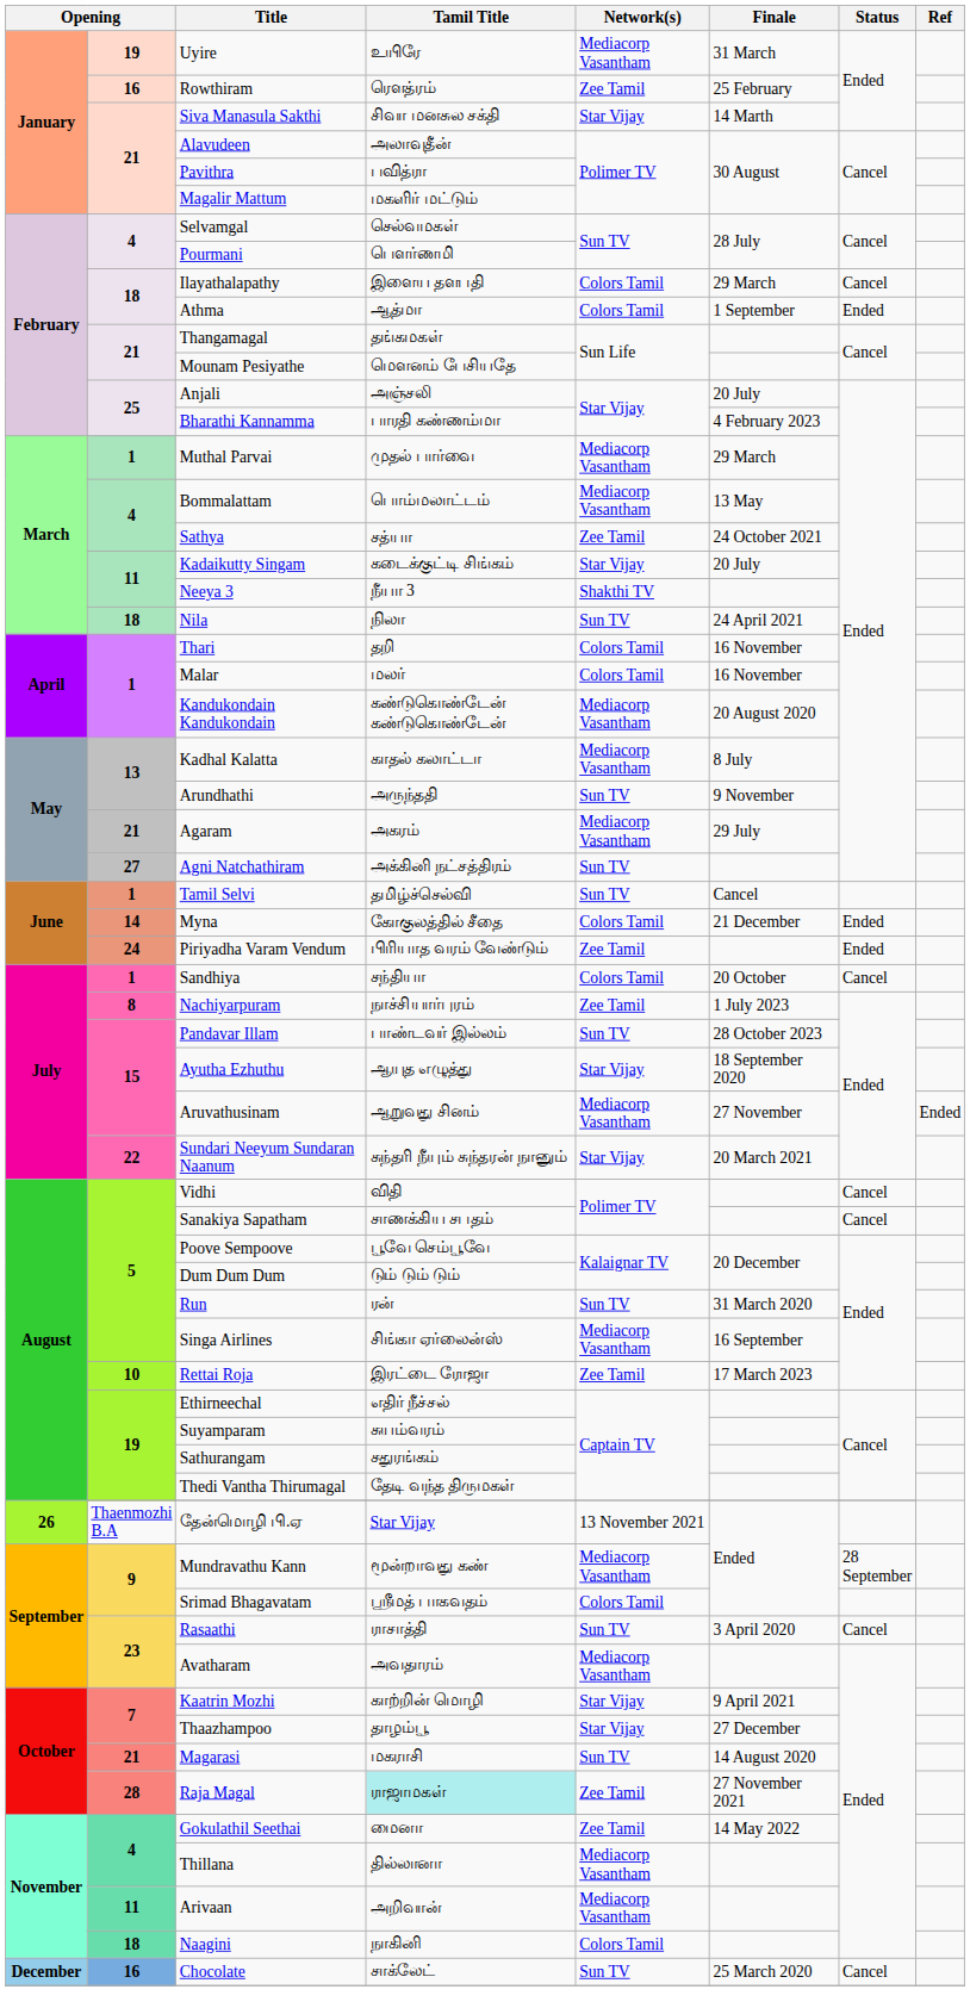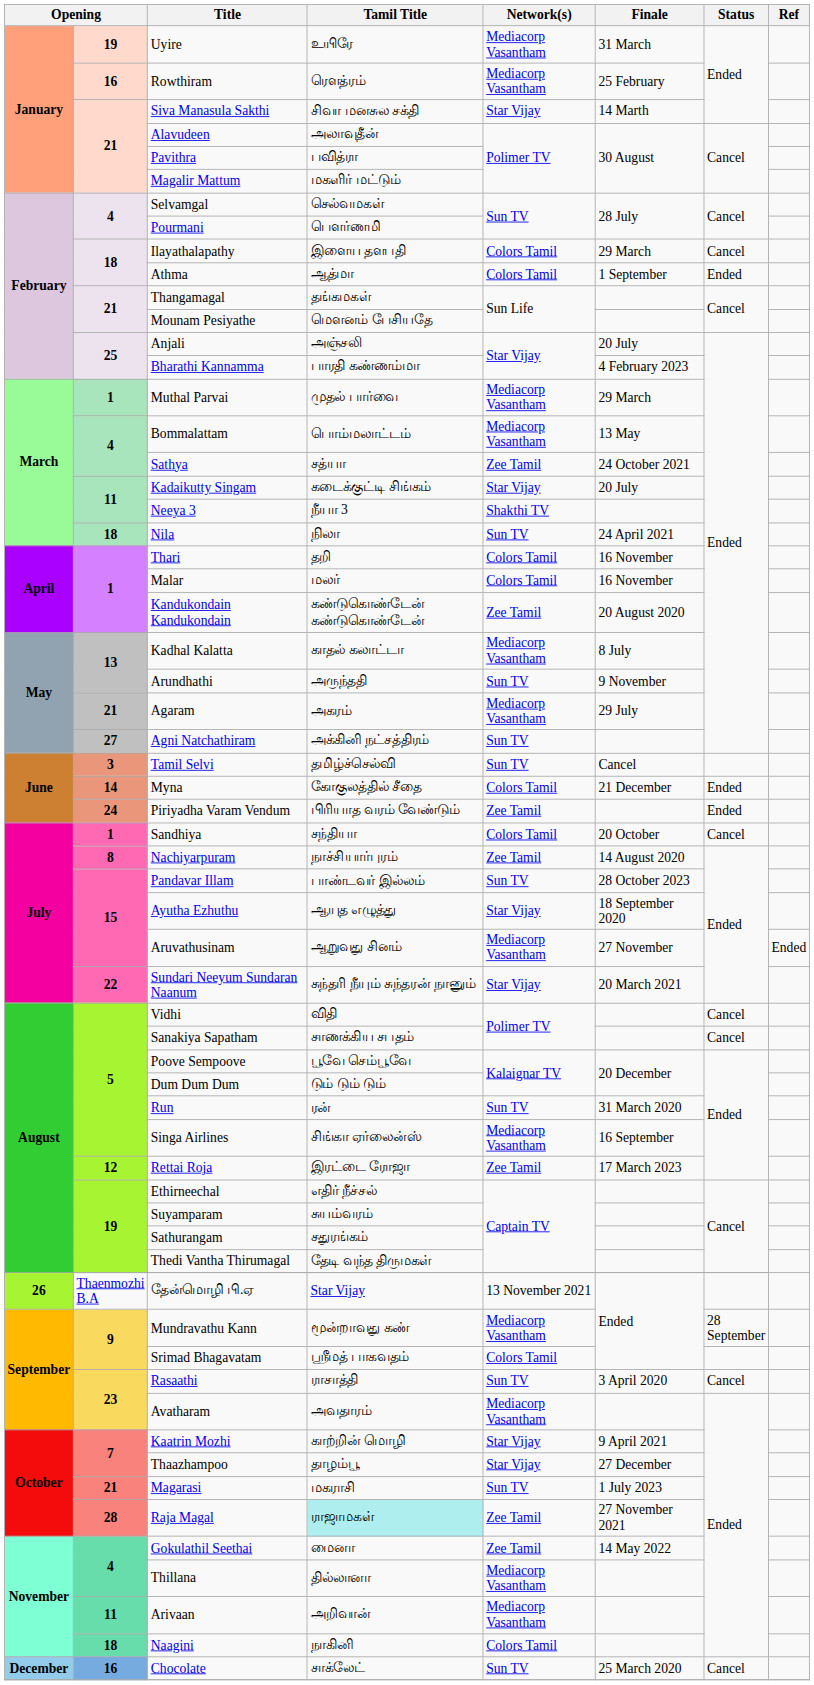 <table class="wikitable" width="75%">
 <tr>
 <th colspan="2">Opening</th>
 <th style="width:30%;">Title</th>
 <th style="width:30%;">Tamil Title</th>
 <th style="width:20%;">Network(s)</th>
 <th style="width:20%;">Finale</th>
 <th style="width:20%;">Status</th>
 <th>Ref</th>
 </tr>
 <tr>
 <td rowspan="6" style="text-align:center;background:#ffa07a;textcolor:#000;"><strong>January</strong></td>
 <td rowspan="1" style="text-align:center; background:#ffdacc;"><strong>19</strong></td>
 <td>Uyire</td>
 <td>உயிரே</td>
 <td><a href='#'>Mediacorp Vasantham</a></td>
 <td>31 March</td>
 <td rowspan="3">Ended</td>
 <td></td>
 </tr>
 <tr>
 <td rowspan="1" style="text-align:center; background:#ffdacc;"><strong>16</strong></td>
 <td>Rowthiram</td>
 <td>ரௌத்ரம்</td>
-<td><a href='#'>Zee Tamil</a></td>
+<td><a href='#'>Mediacorp Vasantham</a></td>
 <td>25 February</td>
 <td></td>
 </tr>
 <tr>
 <td rowspan="4" style="text-align:center; background:#ffdacc;"><strong>21</strong></td>
 <td><a href='#'>Siva Manasula Sakthi</a></td>
 <td>சிவா மனசுல சக்தி</td>
 <td><a href='#'>Star Vijay</a></td>
 <td>14 Marth</td>
 <td></td>
 </tr>
 <tr>
 <td><a href='#'>Alavudeen</a></td>
 <td>அலாவுதீன்</td>
 <td rowspan="3"><a href='#'>Polimer TV</a></td>
 <td rowspan="3">30 August</td>
 <td rowspan="3">Cancel</td>
 <td></td>
 </tr>
 <tr>
 <td><a href='#'>Pavithra</a></td>
 <td>பவித்ரா</td>
 <td></td>
 </tr>
 <tr>
 <td><a href='#'>Magalir Mattum</a></td>
 <td>மகளிர் மட்டும்</td>
 <td></td>
 </tr>
 <tr>
 <td rowspan="8" style="text-align:center; background:#dcc7df; textcolor:#000;"><strong>February</strong></td>
 <td rowspan="2" style="text-align:center; background:#ede3ef;"><strong>4</strong></td>
 <td>Selvamgal</td>
 <td>செல்வமகள்</td>
 <td rowspan="2"><a href='#'>Sun TV</a></td>
 <td rowspan="2">28 July</td>
 <td rowspan="2">Cancel</td>
 <td></td>
 </tr>
 <tr>
 <td><a href='#'>Pourmani</a></td>
 <td>பௌர்ணமி</td>
 <td></td>
 </tr>
 <tr>
 <td rowspan="2" style="text-align:center; background:#ede3ef;"><strong>18</strong></td>
 <td>Ilayathalapathy</td>
 <td>இளைய தளபதி</td>
 <td><a href='#'>Colors Tamil</a></td>
 <td>29 March</td>
 <td>Cancel</td>
 <td></td>
 </tr>
 <tr>
 <td>Athma</td>
 <td>ஆத்மா</td>
 <td><a href='#'>Colors Tamil</a></td>
 <td>1 September</td>
 <td>Ended</td>
 <td></td>
 </tr>
 <tr>
 <td rowspan="2" style="text-align:center; background:#ede3ef;"><strong>21</strong></td>
 <td>Thangamagal</td>
 <td>தங்கமகள்</td>
 <td rowspan="2">Sun Life</td>
 <td></td>
 <td rowspan="2">Cancel</td>
 <td></td>
 </tr>
 <tr>
 <td>Mounam Pesiyathe</td>
 <td>மௌனம் பேசியதே</td>
 <td></td>
 <td></td>
 </tr>
 <tr>
 <td rowspan="2" style="text-align:center; background:#ede3ef;"><strong>25</strong></td>
 <td>Anjali</td>
 <td>அஞ்சலி</td>
 <td rowspan="2"><a href='#'>Star Vijay</a></td>
 <td>20 July</td>
 <td rowspan="15">Ended</td>
 <td></td>
 </tr>
 <tr>
 <td><a href='#'>Bharathi Kannamma</a></td>
 <td>பாரதி கண்ணம்மா</td>
 <td>4 February 2023</td>
 <td></td>
 </tr>
 <tr>
 <td rowspan="6" style="text-align:center; background:#98fb98; textcolor:#000;"><strong>March</strong></td>
 <td style="text-align:center; background:#a8e4bc;"><strong>1</strong></td>
 <td>Muthal Parvai</td>
 <td>முதல் பார்வை</td>
 <td><a href='#'>Mediacorp Vasantham</a></td>
 <td>29 March</td>
 <td></td>
 </tr>
 <tr>
 <td rowspan="2" style="text-align:center; background:#a8e4bc;"><strong>4</strong></td>
 <td>Bommalattam</td>
 <td>பொம்மலாட்டம்</td>
 <td><a href='#'>Mediacorp Vasantham</a></td>
 <td>13 May</td>
 <td></td>
 </tr>
 <tr>
 <td><a href='#'>Sathya</a></td>
 <td>சத்யா</td>
 <td><a href='#'>Zee Tamil</a></td>
 <td>24 October 2021</td>
 <td></td>
 </tr>
 <tr>
 <td rowspan="2" style="text-align:center; background:#a8e4bc;"><strong>11</strong></td>
 <td><a href='#'>Kadaikutty Singam</a></td>
 <td>கடைக்குட்டி சிங்கம்</td>
 <td><a href='#'>Star Vijay</a></td>
 <td>20 July</td>
 </tr>
 <tr>
 <td><a href='#'>Neeya 3</a></td>
 <td>நீயா 3</td>
 <td><a href='#'>Shakthi TV</a></td>
 <td></td>
 <td></td>
 </tr>
 <tr>
 <td style="text-align:center; background:#a8e4bc;"><strong>18</strong></td>
 <td><a href='#'>Nila</a></td>
 <td>நிலா</td>
 <td><a href='#'>Sun TV</a></td>
 <td>24 April 2021</td>
 <td></td>
 </tr>
 <tr>
 <td rowspan="3" style="text-align:center; background:#a0f; textcolor:#d580ff;"><strong>April</strong></td>
 <td rowspan="3" style="text-align:center; background:#d580ff"><strong>1</strong></td>
 <td><a href='#'>Thari</a></td>
 <td>தறி</td>
 <td><a href='#'>Colors Tamil</a></td>
 <td>16 November</td>
 <td></td>
 </tr>
 <tr>
 <td>Malar</td>
 <td>மலர்</td>
 <td><a href='#'>Colors Tamil</a></td>
 <td>16 November</td>
 <td></td>
 </tr>
 <tr>
 <td><a href='#'>Kandukondain Kandukondain</a></td>
 <td>கண்டுகொண்டேன் கண்டுகொண்டேன்</td>
-<td><a href='#'>Mediacorp Vasantham</a></td>
+<td><a href='#'>Zee Tamil</a></td>
 <td>20 August 2020</td>
 <td></td>
 </tr>
 <tr>
 <td rowspan="4" style="text-align:center; background:#91a3b0; textcolor:#000;"><strong>May</strong></td>
 <td rowspan="2" style="text-align:center; background:silver"><strong>13</strong></td>
 <td>Kadhal Kalatta</td>
 <td>காதல் கலாட்டா</td>
 <td><a href='#'>Mediacorp Vasantham</a></td>
 <td>8 July</td>
 <td></td>
 </tr>
 <tr>
 <td>Arundhathi</td>
 <td>அருந்ததி</td>
 <td><a href='#'>Sun TV</a></td>
 <td>9 November</td>
 <td></td>
 </tr>
 <tr>
 <td style="text-align:center; background:silver"><strong>21</strong></td>
 <td>Agaram</td>
 <td>அகரம்</td>
 <td><a href='#'>Mediacorp Vasantham</a></td>
 <td>29 July</td>
 <td></td>
 </tr>
 <tr>
 <td style="text-align:center; background:silver"><strong>27</strong></td>
 <td><a href='#'>Agni Natchathiram</a></td>
 <td>அக்கினி நட்சத்திரம்</td>
 <td><a href='#'>Sun TV</a></td>
 <td></td>
 <td></td>
 </tr>
 <tr>
 <td rowspan="3" style="text-align:center; background:#CD7F32; textcolor:#000;"><strong>June</strong></td>
-<td style="text-align:center; background:#e9967a;"><strong>1</strong></td>
+<td style="text-align:center; background:#e9967a;"><strong>3</strong></td>
 <td><a href='#'>Tamil Selvi</a></td>
 <td>தமிழ்ச்செல்வி</td>
 <td><a href='#'>Sun TV</a></td>
 <td>Cancel</td>
 <td></td>
 <td></td>
 </tr>
 <tr>
 <td style="text-align:center; background:#e9967a;"><strong>14</strong></td>
 <td>Myna</td>
 <td>கோகுலத்தில் சீதை</td>
 <td><a href='#'>Colors Tamil</a></td>
 <td>21 December</td>
 <td>Ended</td>
 <td></td>
 </tr>
 <tr>
 <td style="text-align:center; background:#e9967a;"><strong>24</strong></td>
 <td>Piriyadha Varam Vendum</td>
 <td>பிரியாத வரம் வேண்டும்</td>
 <td><a href='#'>Zee Tamil</a></td>
 <td></td>
 <td>Ended</td>
 <td></td>
 </tr>
 <tr>
 <td rowspan="6" style="text-align:center; background:#F400A1; textcolor:#000;"><strong>July</strong></td>
 <td style="text-align:center; background:hotPink;"><strong>1</strong></td>
 <td>Sandhiya</td>
 <td>சந்தியா</td>
 <td><a href='#'>Colors Tamil</a></td>
 <td>20 October</td>
 <td>Cancel</td>
 <td></td>
 </tr>
 <tr>
 <td style="text-align:center; background:hotPink;"><strong>8</strong></td>
 <td><a href='#'>Nachiyarpuram</a></td>
 <td>நாச்சியார்புரம்</td>
 <td><a href='#'>Zee Tamil</a></td>
-<td>1 July 2023</td>
+<td>14 August 2020</td>
 <td rowspan="5">Ended</td>
 <td></td>
 </tr>
 <tr>
 <td rowspan="3" style="text-align:center; background:hotPink;"><strong>15</strong></td>
 <td><a href='#'>Pandavar Illam</a></td>
 <td>பாண்டவர் இல்லம்</td>
 <td><a href='#'>Sun TV</a></td>
 <td>28 October 2023</td>
 <td></td>
 </tr>
 <tr>
 <td><a href='#'>Ayutha Ezhuthu</a></td>
 <td>ஆயுத எழுத்து</td>
 <td><a href='#'>Star Vijay</a></td>
 <td>18 September 2020</td>
 <td></td>
 </tr>
 <tr>
 <td>Aruvathusinam</td>
 <td>ஆறுவது சினம்</td>
 <td><a href='#'>Mediacorp Vasantham</a></td>
 <td>27 November</td>
 <td>Ended</td>
 </tr>
 <tr>
 <td style="text-align:center; background:hotPink;"><strong>22</strong></td>
 <td><a href='#'>Sundari Neeyum Sundaran Naanum</a></td>
 <td>சுந்தரி நீயும் சுந்தரன் நானும்</td>
 <td><a href='#'>Star Vijay</a></td>
 <td>20 March 2021</td>
 </tr>
 <tr>
 <td rowspan="12" style="text-align:center; background:#32CD32; textcolor:#d580ff;"><strong>August</strong></td>
 <td rowspan="6" style="text-align:center; background:#a7f432;"><strong>5</strong></td>
 <td>Vidhi</td>
 <td>விதி</td>
 <td rowspan="2"><a href='#'>Polimer TV</a></td>
 <td></td>
 <td>Cancel</td>
 <td></td>
 </tr>
 <tr>
 <td>Sanakiya Sapatham</td>
 <td>சாணக்கிய சபதம்</td>
 <td></td>
 <td>Cancel</td>
 <td></td>
 </tr>
 <tr>
 <td>Poove Sempoove</td>
 <td>பூவே செம்பூவே</td>
 <td rowspan="2"><a href='#'>Kalaignar TV</a></td>
 <td rowspan="2">20 December</td>
 <td rowspan="5">Ended</td>
 <td></td>
 </tr>
 <tr>
 <td>Dum Dum Dum</td>
 <td>டும் டும் டும்</td>
 <td></td>
 </tr>
 <tr>
 <td><a href='#'>Run</a></td>
 <td>ரன்</td>
 <td><a href='#'>Sun TV</a></td>
 <td>31 March 2020</td>
 <td></td>
 </tr>
 <tr>
 <td>Singa Airlines</td>
 <td>சிங்கா ஏர்லைன்ஸ்</td>
 <td><a href='#'>Mediacorp Vasantham</a></td>
 <td>16 September</td>
 <td></td>
 </tr>
 <tr>
-<td rowspan="1" style="text-align:center; background:#a7f432;"><strong>10</strong></td>
+<td rowspan="1" style="text-align:center; background:#a7f432;"><strong>12</strong></td>
 <td><a href='#'>Rettai Roja</a></td>
 <td>இரட்டை ரோஜா</td>
 <td><a href='#'>Zee Tamil</a></td>
 <td>17 March 2023</td>
 <td></td>
 </tr>
 <tr>
 <td rowspan="4" style="text-align:center; background:#a7f432;"><strong>19</strong></td>
 <td>Ethirneechal</td>
 <td>எதிர் நீச்சல்</td>
 <td rowspan="4"><a href='#'>Captain TV</a></td>
 <td></td>
 <td rowspan="4">Cancel</td>
 <td></td>
 </tr>
 <tr>
 <td>Suyamparam</td>
 <td>சுயம்வரம்</td>
 <td></td>
 <td></td>
 </tr>
 <tr>
 <td>Sathurangam</td>
 <td>சதுரங்கம்</td>
 <td></td>
 <td></td>
 </tr>
 <tr>
 <td>Thedi Vantha Thirumagal</td>
 <td>தேடி வந்த திருமகள்</td>
 <td></td>
 <td></td>
 </tr>
 <tr>
 </tr>
 <tr>
 <td style="text-align:center; background:#a7f432;"><strong>26</strong></td>
 <td><a href='#'>Thaenmozhi B.A</a></td>
 <td>தேன்மொழி பி.ஏ</td>
 <td><a href='#'>Star Vijay</a></td>
 <td>13 November 2021</td>
 <td rowspan="3">Ended</td>
 <td></td>
 </tr>
 <tr>
 <td rowspan="4" style="text-align:center; background:#ffba00; textcolor:#d580ff;"><strong>September</strong></td>
 <td rowspan="2" style="text-align:center; background:#FADA5E;"><strong>9</strong></td>
 <td>Mundravathu Kann</td>
 <td>மூன்றாவது கண்</td>
 <td><a href='#'>Mediacorp Vasantham</a></td>
 <td>28 September</td>
 <td></td>
 </tr>
 <tr>
 <td>Srimad Bhagavatam</td>
 <td>ஸ்ரீமத் பாகவதம்</td>
 <td><a href='#'>Colors Tamil</a></td>
 <td></td>
 <td></td>
 </tr>
 <tr>
 <td rowspan="2" style="text-align:center; background:#FADA5E;"><strong>23</strong></td>
 <td><a href='#'>Rasaathi</a></td>
 <td>ராசாத்தி</td>
 <td><a href='#'>Sun TV</a></td>
 <td>3 April 2020</td>
 <td>Cancel</td>
 <td></td>
 </tr>
 <tr>
 <td>Avatharam</td>
 <td>அவதாரம்</td>
 <td><a href='#'>Mediacorp Vasantham</a></td>
 <td></td>
 <td rowspan="9">Ended</td>
 <td></td>
 </tr>
 <tr>
 <td rowspan="4" style="text-align:center; background:#f40b0b; textcolor:#000;"><strong>October</strong></td>
 <td rowspan="2" style="text-align:center;background:#f9827c;"><strong>7</strong></td>
 <td><a href='#'>Kaatrin Mozhi</a></td>
 <td>காற்றின் மொழி</td>
 <td><a href='#'>Star Vijay</a></td>
 <td>9 April 2021</td>
 <td></td>
 </tr>
 <tr>
 <td>Thaazhampoo</td>
 <td>தாழம்பூ</td>
 <td><a href='#'>Star Vijay</a></td>
 <td>27 December</td>
 <td></td>
 </tr>
 <tr>
 <td style="text-align:center;background:#f9827c;"><strong>21</strong></td>
 <td><a href='#'>Magarasi</a></td>
 <td>மகராசி</td>
 <td><a href='#'>Sun TV</a></td>
-<td>14 August 2020</td>
+<td>1 July 2023</td>
 <td></td>
 </tr>
 <tr>
 <td style="text-align:center;background:#f9827c;"><strong>28</strong></td>
 <td><a href='#'>Raja Magal</a></td>
 <td style="background: paleturquoise;">ராஜாமகள்</td>
 <td><a href='#'>Zee Tamil</a></td>
 <td>27 November 2021</td>
 <td></td>
 </tr>
 <tr>
 <td rowspan="4" style="text-align:center; background:#7FFFD4; textcolor:#000;"><strong>November</strong></td>
 <td rowspan="2" style="text-align:center; background:#6da;"><strong>4</strong></td>
 <td><a href='#'>Gokulathil Seethai</a></td>
 <td>மைனா</td>
 <td><a href='#'>Zee Tamil</a></td>
 <td>14 May 2022</td>
 <td></td>
 </tr>
 <tr>
 <td>Thillana</td>
 <td>தில்லானா</td>
 <td><a href='#'>Mediacorp Vasantham</a></td>
 <td></td>
 <td></td>
 </tr>
 <tr>
 <td style="text-align:center; background:#6da;"><strong>11</strong></td>
 <td>Arivaan</td>
 <td>அறிவான்</td>
 <td><a href='#'>Mediacorp Vasantham</a></td>
 <td></td>
 <td></td>
 </tr>
 <tr>
 <td style="text-align:center; background:#6da;"><strong>18</strong></td>
 <td><a href='#'>Naagini</a></td>
 <td>நாகினி</td>
 <td><a href='#'>Colors Tamil</a></td>
 <td></td>
 </tr>
 <tr>
 <td rowspan="1" style="text-align:center; background:#93CCEA; textcolor:#000;"><strong>December</strong></td>
 <td style="text-align:center; background:#76ABDF;"><strong>16</strong></td>
 <td><a href='#'>Chocolate</a></td>
 <td>சாக்லேட்</td>
 <td><a href='#'>Sun TV</a></td>
 <td>25 March 2020</td>
 <td>Cancel</td>
 <td></td>
 </tr>
 <tr>
 </tr>
 </table>
